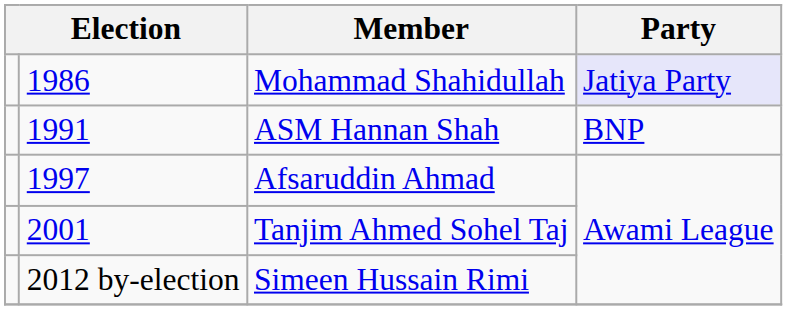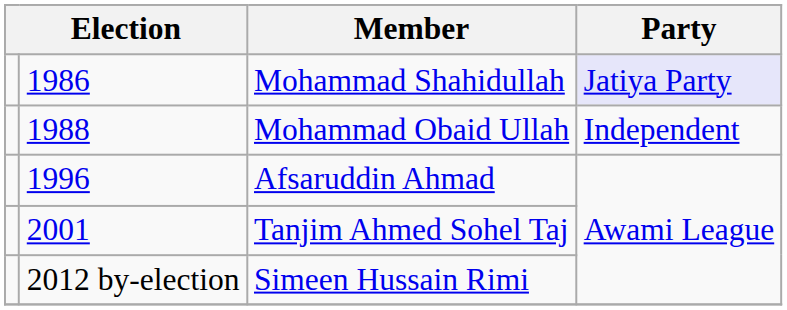 <table class="wikitable">
 <tr>
 <th colspan="2">Election</th>
 <th>Member</th>
 <th>Party</th>
 </tr>
 <tr>
 <td style="background-color:"></td>
 <td><a href='#'>1986</a></td>
 <td><a href='#'>Mohammad Shahidullah</a></td>
 <td style="background: lavender;"><a href='#'>Jatiya Party</a></td>
 </tr>
 <tr>
 <td style="background-color:"></td>
-<td><a href='#'>1991</a></td>
-<td><a href='#'>ASM Hannan Shah</a></td>
-<td><a href='#'>BNP</a></td>
+<td><a href='#'>1988</a></td>
+<td><a href='#'>Mohammad Obaid Ullah</a></td>
+<td><a href='#'>Independent</a></td>
 </tr>
 <tr>
 <td style="background-color:"></td>
-<td><a href='#'>1997</a></td>
+<td><a href='#'>1996</a></td>
 <td><a href='#'>Afsaruddin Ahmad</a></td>
 <td rowspan="3"><a href='#'>Awami League</a></td>
 </tr>
 <tr>
 <td style="background-color:"></td>
 <td><a href='#'>2001</a></td>
 <td><a href='#'>Tanjim Ahmed Sohel Taj</a></td>
 </tr>
 <tr>
 <td style="background-color:"></td>
 <td>2012 by-election</td>
 <td><a href='#'>Simeen Hussain Rimi</a></td>
 </tr>
 <tr>
 </tr>
 </table>
